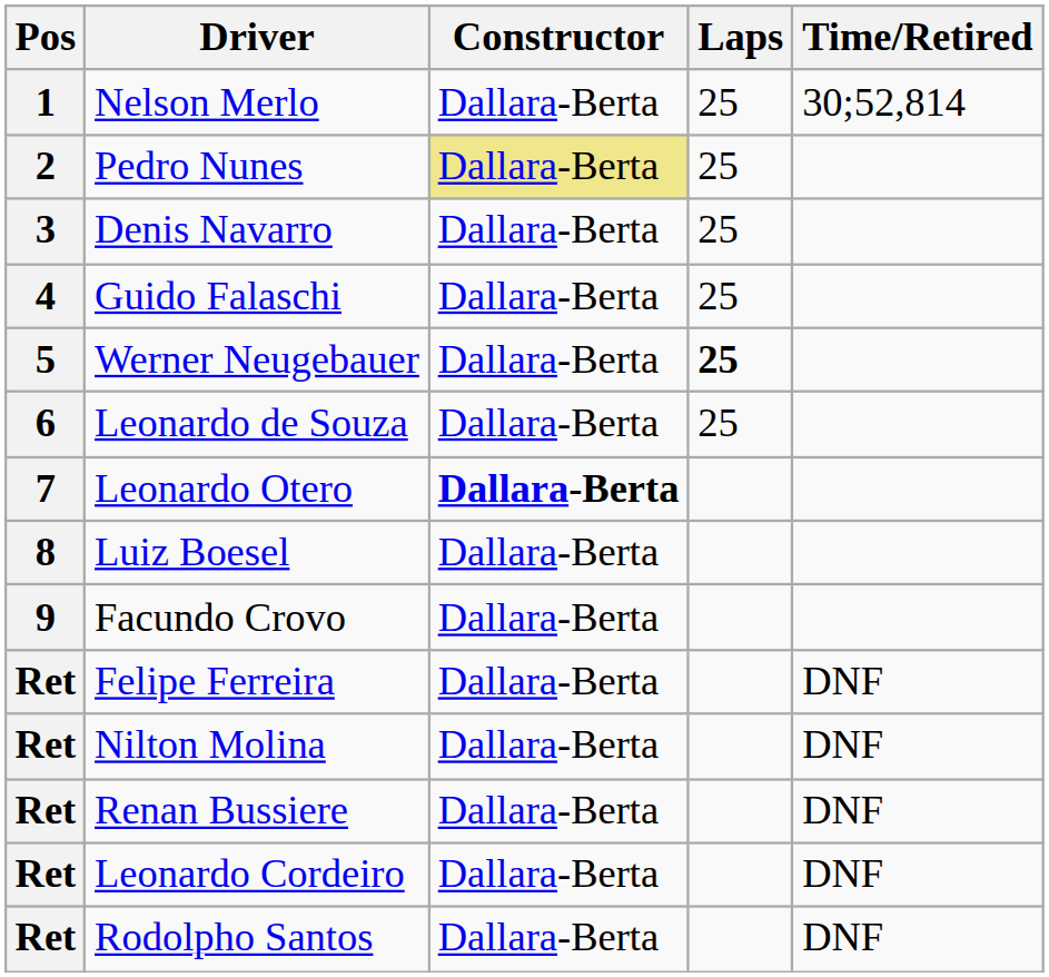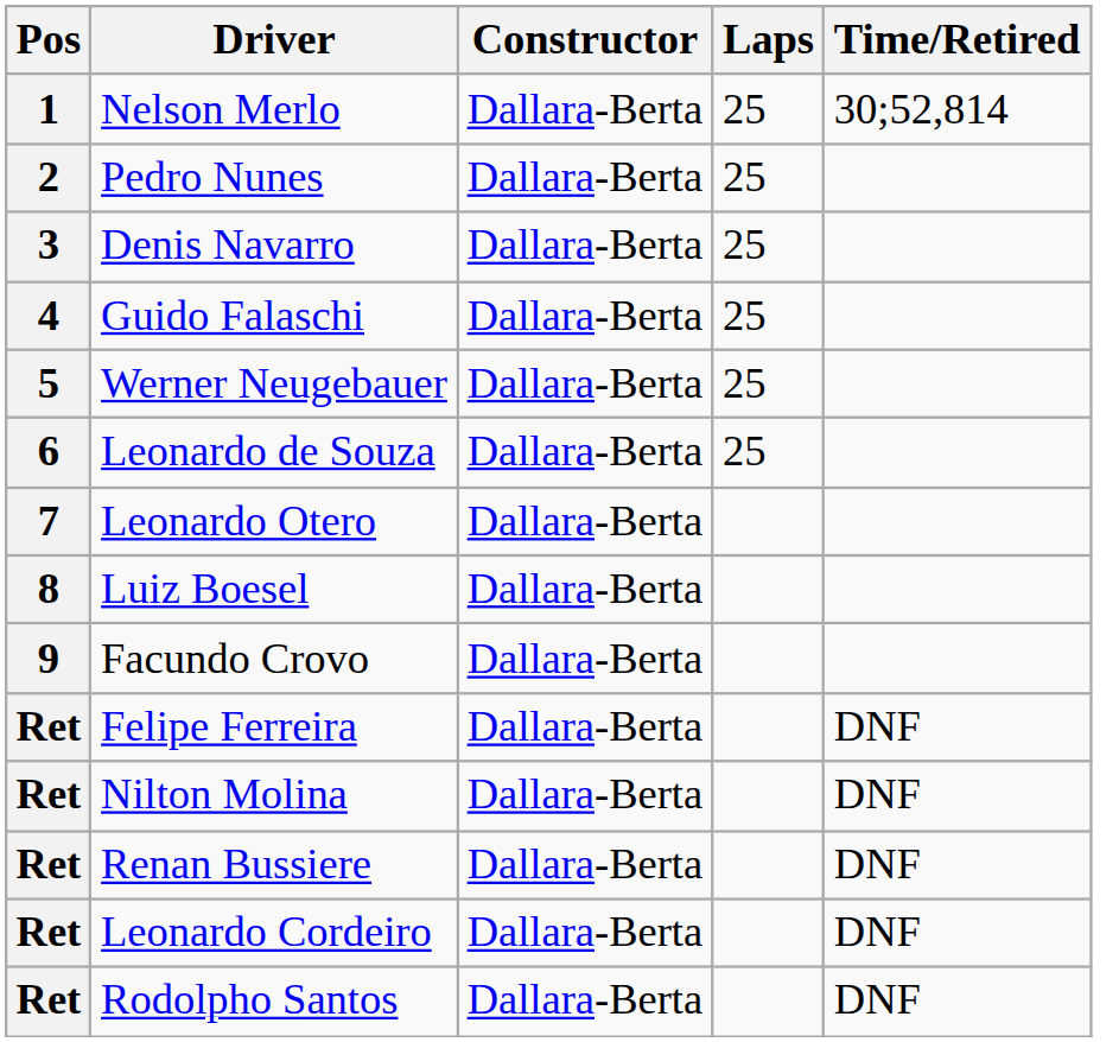 <table class="wikitable sortable">
 <tr>
 <th>Pos</th>
 <th>Driver</th>
 <th>Constructor</th>
 <th>Laps</th>
 <th>Time/Retired</th>
 </tr>
 <tr>
 <th>1</th>
 <td> <a href='#'>Nelson Merlo</a></td>
 <td><a href='#'>Dallara</a>-Berta</td>
 <td>25</td>
 <td>30;52,814</td>
 </tr>
 <tr>
 <th>2</th>
 <td> <a href='#'>Pedro Nunes</a></td>
-<td style="background: khaki;"><a href='#'>Dallara</a>-Berta</td>
+<td><a href='#'>Dallara</a>-Berta</td>
 <td>25</td>
 <td></td>
 </tr>
 <tr>
 <th>3</th>
 <td> <a href='#'>Denis Navarro</a></td>
 <td><a href='#'>Dallara</a>-Berta</td>
 <td>25</td>
 <td></td>
 </tr>
 <tr>
 <th>4</th>
 <td> <a href='#'>Guido Falaschi</a></td>
 <td><a href='#'>Dallara</a>-Berta</td>
 <td>25</td>
 <td></td>
 </tr>
 <tr>
 <th>5</th>
 <td> <a href='#'>Werner Neugebauer</a></td>
 <td><a href='#'>Dallara</a>-Berta</td>
-<td><strong>25</strong></td>
+<td>25</td>
 <td></td>
 </tr>
 <tr>
 <th>6</th>
 <td> <a href='#'>Leonardo de Souza</a></td>
 <td><a href='#'>Dallara</a>-Berta</td>
 <td>25</td>
 <td></td>
 </tr>
 <tr>
 <th>7</th>
 <td> <a href='#'>Leonardo Otero</a></td>
-<td><strong><a href='#'>Dallara</a>-Berta</strong></td>
+<td><a href='#'>Dallara</a>-Berta</td>
 <td></td>
 <td></td>
 </tr>
 <tr>
 <th>8</th>
 <td> <a href='#'>Luiz Boesel</a></td>
 <td><a href='#'>Dallara</a>-Berta</td>
 <td></td>
 <td></td>
 </tr>
 <tr>
 <th>9</th>
 <td> Facundo Crovo</td>
 <td><a href='#'>Dallara</a>-Berta</td>
 <td></td>
 <td></td>
 </tr>
 <tr>
 <th>Ret</th>
 <td> <a href='#'>Felipe Ferreira</a></td>
 <td><a href='#'>Dallara</a>-Berta</td>
 <td></td>
 <td>DNF</td>
 </tr>
 <tr>
 <th>Ret</th>
 <td> <a href='#'>Nilton Molina</a></td>
 <td><a href='#'>Dallara</a>-Berta</td>
 <td></td>
 <td>DNF</td>
 </tr>
 <tr>
 <th>Ret</th>
 <td> <a href='#'>Renan Bussiere</a></td>
 <td><a href='#'>Dallara</a>-Berta</td>
 <td></td>
 <td>DNF</td>
 </tr>
 <tr>
 <th>Ret</th>
 <td> <a href='#'>Leonardo Cordeiro</a></td>
 <td><a href='#'>Dallara</a>-Berta</td>
 <td></td>
 <td>DNF</td>
 </tr>
 <tr>
 <th>Ret</th>
 <td> <a href='#'>Rodolpho Santos</a></td>
 <td><a href='#'>Dallara</a>-Berta</td>
 <td></td>
 <td>DNF</td>
 </tr>
 <tr>
 </tr>
 </table>
